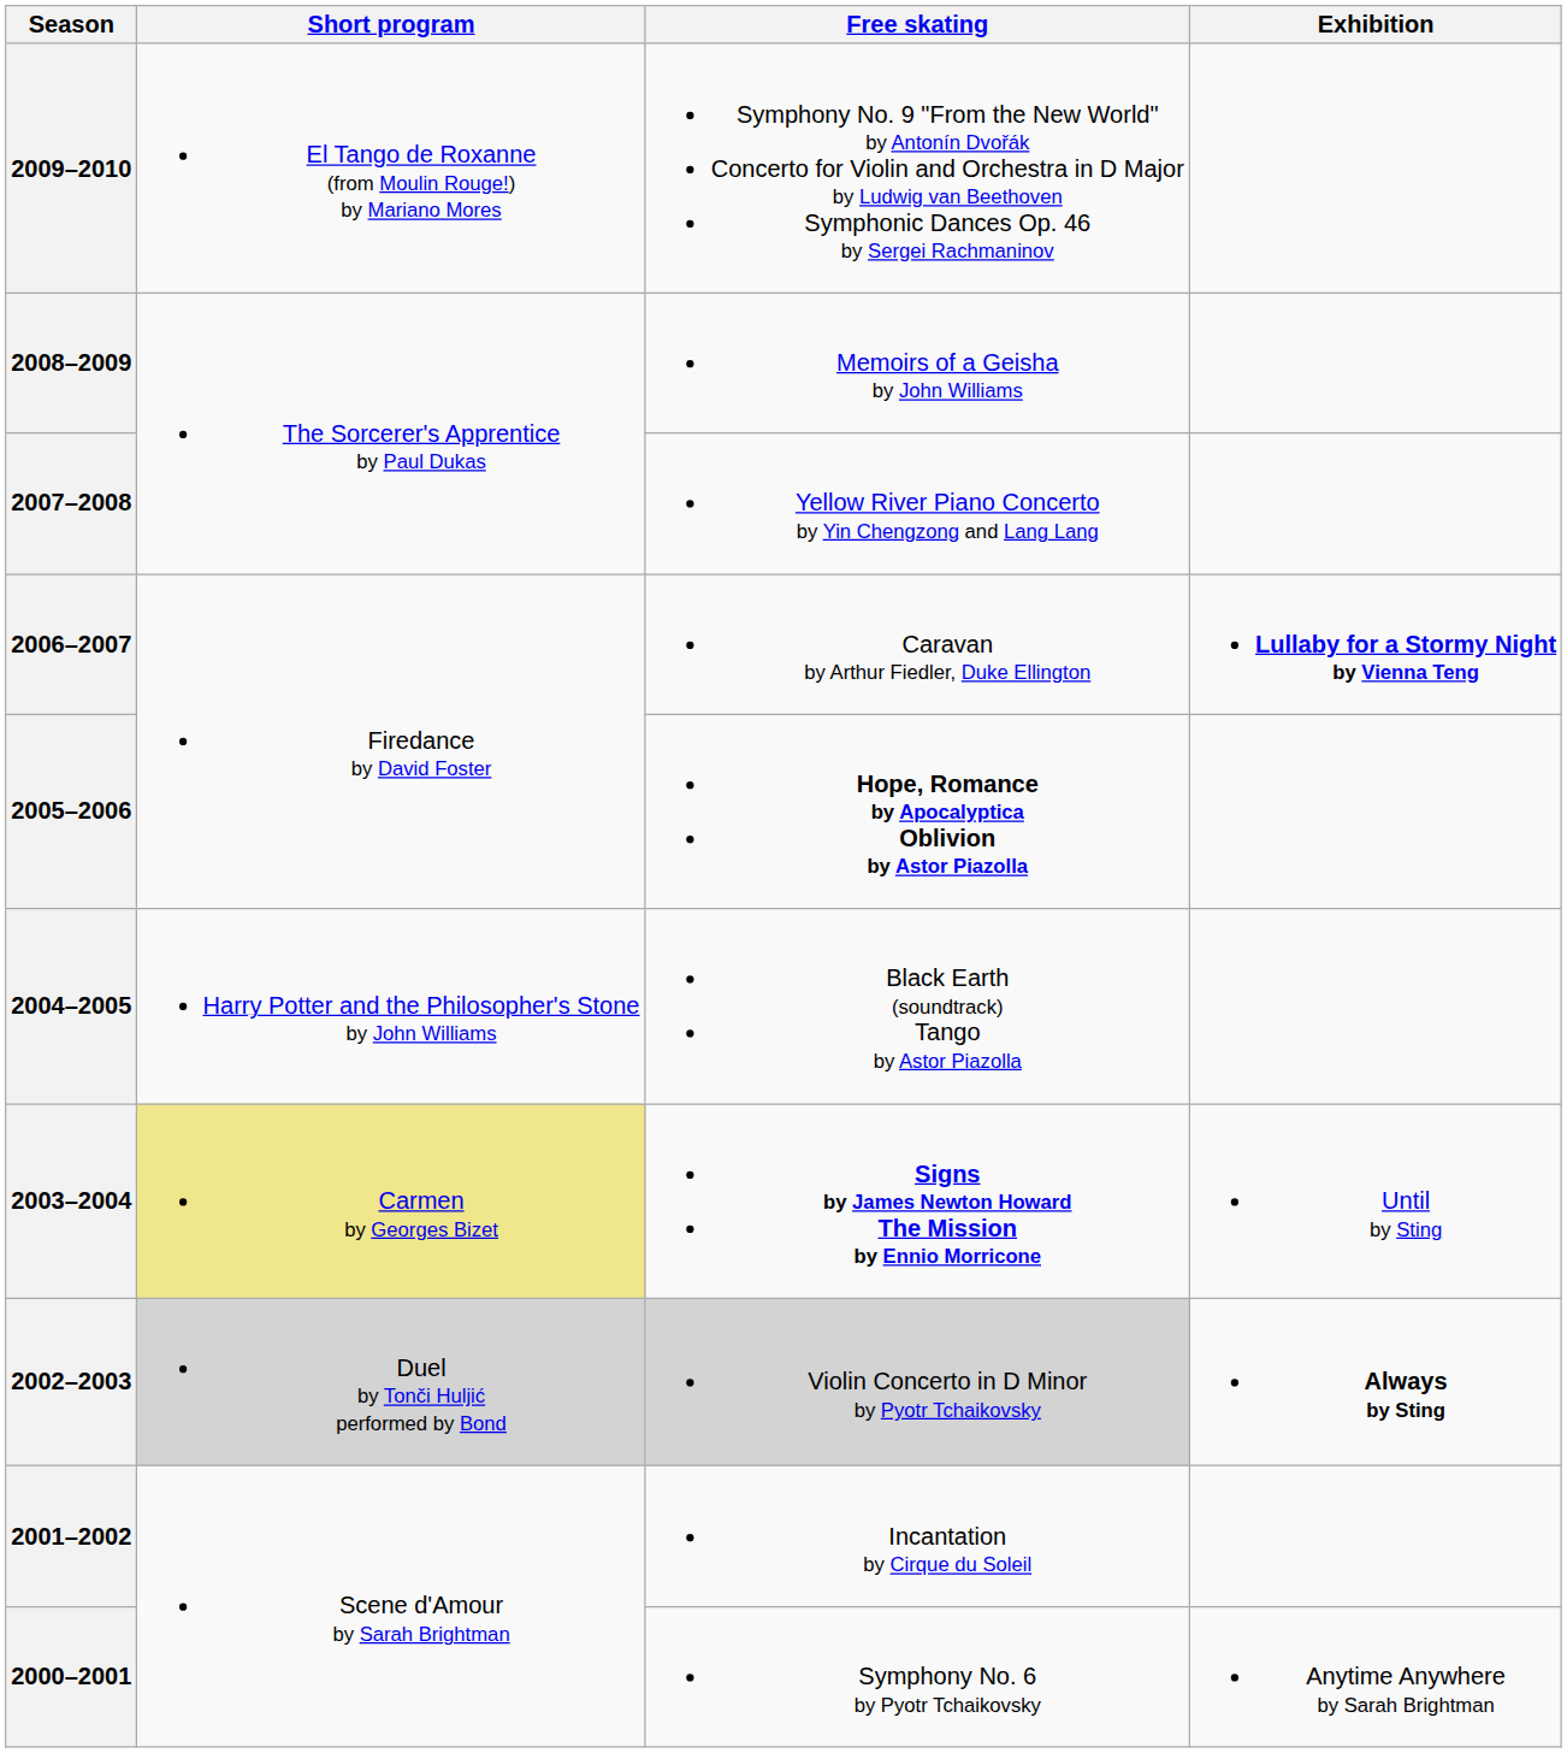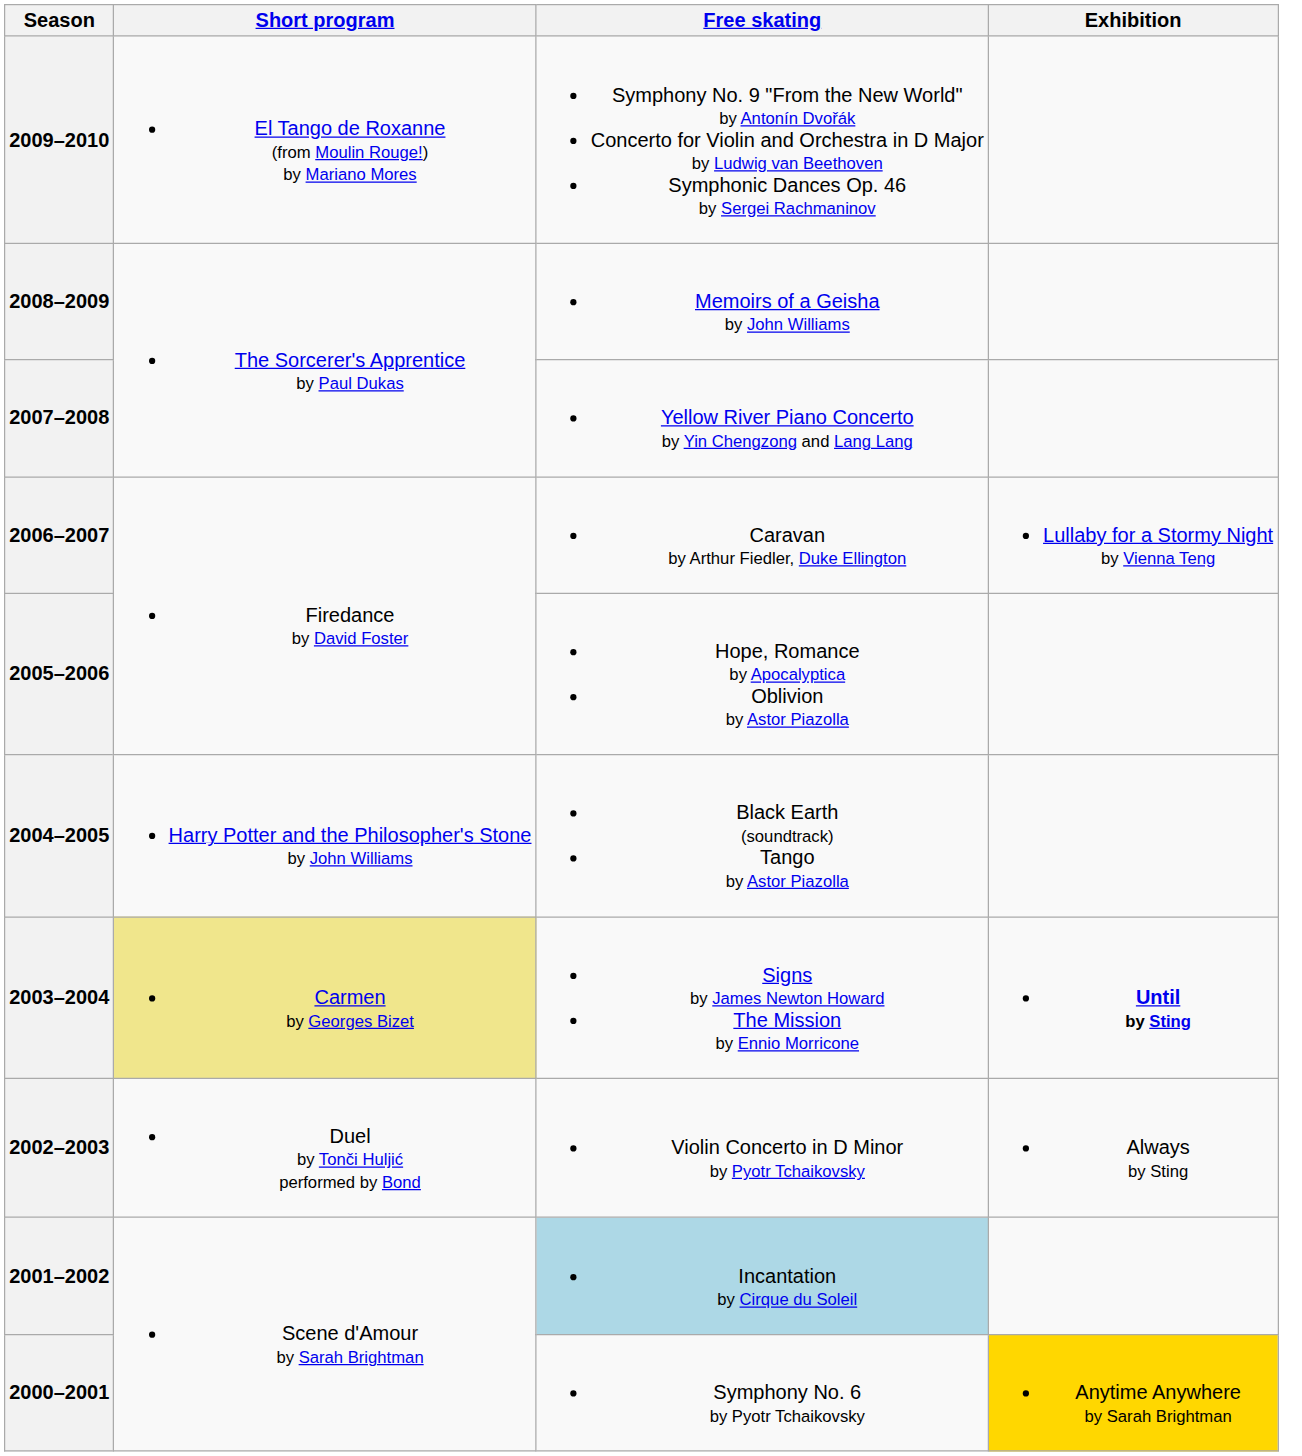 <table class="wikitable" style="text-align:center">
 <tr>
 <th>Season</th>
 <th><a href='#'>Short program</a></th>
 <th><a href='#'>Free skating</a></th>
 <th>Exhibition</th>
 </tr>
 <tr>
 <th>2009–2010 <br> </th>
 <td><br><ul><li><a href='#'>El Tango de Roxanne</a> <br><small> (from <a href='#'>Moulin Rouge!</a>) <br> by <a href='#'>Mariano Mores</a> </small></li></ul></td>
 <td><br><ul><li>Symphony No. 9 "From the New World" <br><small> by <a href='#'>Antonín Dvořák</a> </small></li><li>Concerto for Violin and Orchestra in D Major <br><small> by <a href='#'>Ludwig van Beethoven</a> </small></li><li>Symphonic Dances Op. 46 <br><small> by <a href='#'>Sergei Rachmaninov</a> </small></li></ul></td>
 <td></td>
 </tr>
 <tr>
 <th>2008–2009 <br> </th>
 <td rowspan=2><br><ul><li><a href='#'>The Sorcerer's Apprentice</a> <br><small> by <a href='#'>Paul Dukas</a> </small></li></ul></td>
 <td><br><ul><li><a href='#'>Memoirs of a Geisha</a> <br><small> by <a href='#'>John Williams</a> </small></li></ul></td>
 <td></td>
 </tr>
 <tr>
 <th>2007–2008 <br> </th>
 <td><br><ul><li><a href='#'>Yellow River Piano Concerto</a> <br><small> by <a href='#'>Yin Chengzong</a> and <a href='#'>Lang Lang</a> </small></li></ul></td>
 <td></td>
 </tr>
 <tr>
 <th>2006–2007 <br> </th>
 <td rowspan=2><br><ul><li>Firedance <br><small> by <a href='#'>David Foster</a> </small></li></ul></td>
 <td><br><ul><li>Caravan <br><small> by Arthur Fiedler, <a href='#'>Duke Ellington</a> </small></li></ul></td>
-<td><strong><br><ul><li><a href='#'>Lullaby for a Stormy Night</a> <br><small> by <a href='#'>Vienna Teng</a> </small></li></ul></strong></td>
+<td><br><ul><li><a href='#'>Lullaby for a Stormy Night</a> <br><small> by <a href='#'>Vienna Teng</a> </small></li></ul></td>
 </tr>
 <tr>
 <th>2005–2006 <br> </th>
-<td><strong><br><ul><li>Hope, Romance <br><small> by <a href='#'>Apocalyptica</a> </small></li><li>Oblivion <br><small> by <a href='#'>Astor Piazolla</a> </small></li></ul></strong></td>
+<td><br><ul><li>Hope, Romance <br><small> by <a href='#'>Apocalyptica</a> </small></li><li>Oblivion <br><small> by <a href='#'>Astor Piazolla</a> </small></li></ul></td>
 <td></td>
 </tr>
 <tr>
 <th>2004–2005 <br> </th>
 <td><br><ul><li><a href='#'>Harry Potter and the Philosopher's Stone</a> <br><small> by <a href='#'>John Williams</a> </small></li></ul></td>
 <td><br><ul><li>Black Earth <br><small> (soundtrack) </small></li><li>Tango <br><small> by <a href='#'>Astor Piazolla</a> </small></li></ul></td>
 <td></td>
 </tr>
 <tr>
 <th>2003–2004 <br> </th>
 <td style="background: khaki;"><br><ul><li><a href='#'>Carmen</a> <br><small> by <a href='#'>Georges Bizet</a> </small></li></ul></td>
-<td><strong><br><ul><li><a href='#'>Signs</a> <br><small> by <a href='#'>James Newton Howard</a> </small></li><li><a href='#'>The Mission</a> <br><small> by <a href='#'>Ennio Morricone</a> </small></li></ul></strong></td>
-<td><br><ul><li><a href='#'>Until</a> <br><small> by <a href='#'>Sting</a> </small></li></ul></td>
+<td><br><ul><li><a href='#'>Signs</a> <br><small> by <a href='#'>James Newton Howard</a> </small></li><li><a href='#'>The Mission</a> <br><small> by <a href='#'>Ennio Morricone</a> </small></li></ul></td>
+<td><strong><br><ul><li><a href='#'>Until</a> <br><small> by <a href='#'>Sting</a> </small></li></ul></strong></td>
 </tr>
 <tr>
 <th>2002–2003 <br> </th>
-<td style="background: lightgrey;"><br><ul><li>Duel <br><small> by <a href='#'>Tonči Huljić</a> <br> performed by <a href='#'>Bond</a> </small></li></ul></td>
-<td style="background: lightgrey;"><br><ul><li>Violin Concerto in D Minor <br><small> by <a href='#'>Pyotr Tchaikovsky</a> </small></li></ul></td>
-<td><strong><br><ul><li>Always <br><small> by Sting </small></li></ul></strong></td>
+<td><br><ul><li>Duel <br><small> by <a href='#'>Tonči Huljić</a> <br> performed by <a href='#'>Bond</a> </small></li></ul></td>
+<td><br><ul><li>Violin Concerto in D Minor <br><small> by <a href='#'>Pyotr Tchaikovsky</a> </small></li></ul></td>
+<td><br><ul><li>Always <br><small> by Sting </small></li></ul></td>
 </tr>
 <tr>
 <th>2001–2002 <br> </th>
 <td rowspan=2><br><ul><li>Scene d'Amour <br><small> by <a href='#'>Sarah Brightman</a> </small></li></ul></td>
-<td><br><ul><li>Incantation <br><small> by <a href='#'>Cirque du Soleil</a> </small></li></ul></td>
+<td style="background: lightblue;"><br><ul><li>Incantation <br><small> by <a href='#'>Cirque du Soleil</a> </small></li></ul></td>
 <td></td>
 </tr>
 <tr>
 <th>2000–2001</th>
 <td><br><ul><li>Symphony No. 6 <br><small> by Pyotr Tchaikovsky </small></li></ul></td>
-<td><br><ul><li>Anytime Anywhere <br><small> by Sarah Brightman </small></li></ul></td>
+<td style="background: gold;"><br><ul><li>Anytime Anywhere <br><small> by Sarah Brightman </small></li></ul></td>
 </tr>
 </table>
